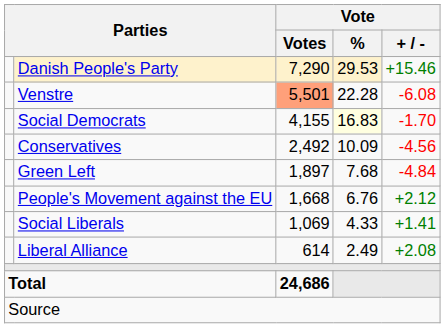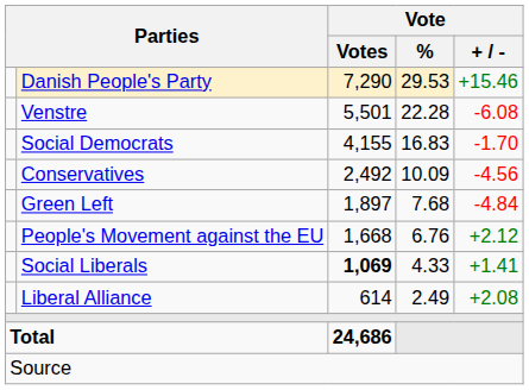 <table class="wikitable" style="text-align:right;">
 <tr>
 <th style="text-align:centre;" rowspan="2" colspan="2" width="225">Parties</th>
 <th colspan="3">Vote</th>
 </tr>
 <tr>
 <th width="15">Votes</th>
 <th width="15">%</th>
 <th width="15">+ / -</th>
 </tr>
 <tr>
 <td width="2" style="color:inherit;background:"></td>
 <td bgcolor=#fef2cc   align="left"><a href='#'>Danish People's Party</a></td>
 <td bgcolor=#fef2cc>7,290</td>
 <td bgcolor=#fef2cc>29.53</td>
 <td style=color:green;>+15.46</td>
 </tr>
 <tr>
 <td width="2" style="color:inherit;background:"></td>
 <td align="left"><a href='#'>Venstre</a></td>
-<td style="background: lightsalmon;">5,501</td>
+<td>5,501</td>
 <td>22.28</td>
 <td style=color:red;>-6.08</td>
 </tr>
 <tr>
 <td width="2" style="color:inherit;background:"></td>
 <td align="left"><a href='#'>Social Democrats</a></td>
 <td>4,155</td>
-<td style="background: lightyellow;">16.83</td>
+<td>16.83</td>
 <td style=color:red;>-1.70</td>
 </tr>
 <tr>
 <td width="2" style="color:inherit;background:"></td>
 <td align="left"><a href='#'>Conservatives</a></td>
 <td>2,492</td>
 <td>10.09</td>
 <td style=color:red;>-4.56</td>
 </tr>
 <tr>
 <td width="2" style="color:inherit;background:"></td>
 <td align="left"><a href='#'>Green Left</a></td>
 <td>1,897</td>
 <td>7.68</td>
 <td style=color:red;>-4.84</td>
 </tr>
 <tr>
 <td width="2" style="color:inherit;background:"></td>
 <td align="left"><a href='#'>People's Movement against the EU</a></td>
 <td>1,668</td>
 <td>6.76</td>
 <td style=color:green;>+2.12</td>
 </tr>
 <tr>
 <td width="2" style="color:inherit;background:"></td>
 <td align="left"><a href='#'>Social Liberals</a></td>
-<td>1,069</td>
+<td><strong>1,069</strong></td>
 <td>4.33</td>
 <td style=color:green;>+1.41</td>
 </tr>
 <tr>
 <td width="2" style="color:inherit;background:"></td>
 <td align="left"><a href='#'>Liberal Alliance</a></td>
 <td>614</td>
 <td>2.49</td>
 <td style=color:green;>+2.08</td>
 </tr>
 <tr>
 <td colspan="7" bgcolor="#E9E9E9"></td>
 </tr>
 <tr>
 <td align="left" colspan="2"><strong>Total</strong></td>
 <td><strong>24,686</strong></td>
 <td bgcolor="#E9E9E9" colspan="2"></td>
 </tr>
 <tr>
 <td align="left" colspan="6">Source</td>
 </tr>
 </table>
